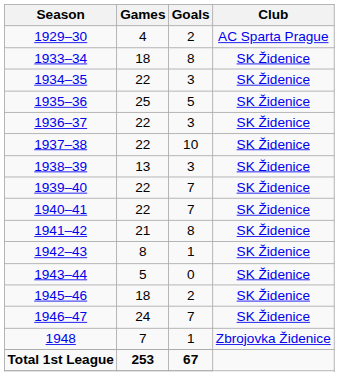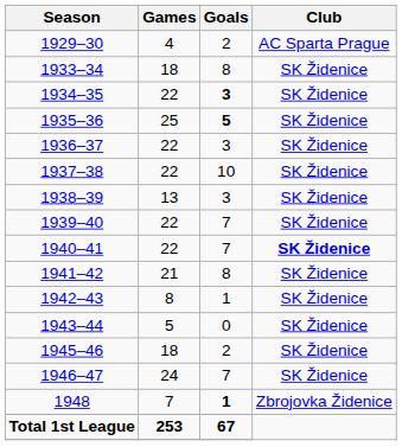 <table class="wikitable">
 <tr>
 <th>Season</th>
 <th>Games</th>
 <th>Goals</th>
 <th>Club</th>
 </tr>
 <tr align=center>
 <td><a href='#'>1929–30</a></td>
 <td>4</td>
 <td>2</td>
 <td><a href='#'>AC Sparta Prague</a></td>
 </tr>
 <tr align=center>
 <td><a href='#'>1933–34</a></td>
 <td>18</td>
 <td>8</td>
 <td><a href='#'>SK Židenice</a></td>
 </tr>
 <tr align=center>
 <td><a href='#'>1934–35</a></td>
 <td>22</td>
-<td>3</td>
+<td><strong>3</strong></td>
 <td><a href='#'>SK Židenice</a></td>
 </tr>
 <tr align=center>
 <td><a href='#'>1935–36</a></td>
 <td>25</td>
-<td>5</td>
+<td><strong>5</strong></td>
 <td><a href='#'>SK Židenice</a></td>
 </tr>
 <tr align=center>
 <td><a href='#'>1936–37</a></td>
 <td>22</td>
 <td>3</td>
 <td><a href='#'>SK Židenice</a></td>
 </tr>
 <tr align=center>
 <td><a href='#'>1937–38</a></td>
 <td>22</td>
 <td>10</td>
 <td><a href='#'>SK Židenice</a></td>
 </tr>
 <tr align=center>
 <td><a href='#'>1938–39</a></td>
 <td>13</td>
 <td>3</td>
 <td><a href='#'>SK Židenice</a></td>
 </tr>
 <tr align=center>
 <td><a href='#'>1939–40</a></td>
 <td>22</td>
 <td>7</td>
 <td><a href='#'>SK Židenice</a></td>
 </tr>
 <tr align=center>
 <td><a href='#'>1940–41</a></td>
 <td>22</td>
 <td>7</td>
-<td><a href='#'>SK Židenice</a></td>
+<td><strong><a href='#'>SK Židenice</a></strong></td>
 </tr>
 <tr align=center>
 <td><a href='#'>1941–42</a></td>
 <td>21</td>
 <td>8</td>
 <td><a href='#'>SK Židenice</a></td>
 </tr>
 <tr align=center>
 <td><a href='#'>1942–43</a></td>
 <td>8</td>
 <td>1</td>
 <td><a href='#'>SK Židenice</a></td>
 </tr>
 <tr align=center>
 <td><a href='#'>1943–44</a></td>
 <td>5</td>
 <td>0</td>
 <td><a href='#'>SK Židenice</a></td>
 </tr>
 <tr align=center>
 <td><a href='#'>1945–46</a></td>
 <td>18</td>
 <td>2</td>
 <td><a href='#'>SK Židenice</a></td>
 </tr>
 <tr align=center>
 <td><a href='#'>1946–47</a></td>
 <td>24</td>
 <td>7</td>
 <td><a href='#'>SK Židenice</a></td>
 </tr>
 <tr align=center>
 <td><a href='#'>1948</a></td>
 <td>7</td>
-<td>1</td>
+<td><strong>1</strong></td>
 <td><a href='#'>Zbrojovka Židenice</a></td>
 </tr>
 <tr align=center>
 </tr>
 <tr align=center>
 <td><strong>Total 1st League</strong></td>
 <td><strong>253 </strong></td>
 <td><strong>67 </strong></td>
 </tr>
 <tr>
 </tr>
 </table>
